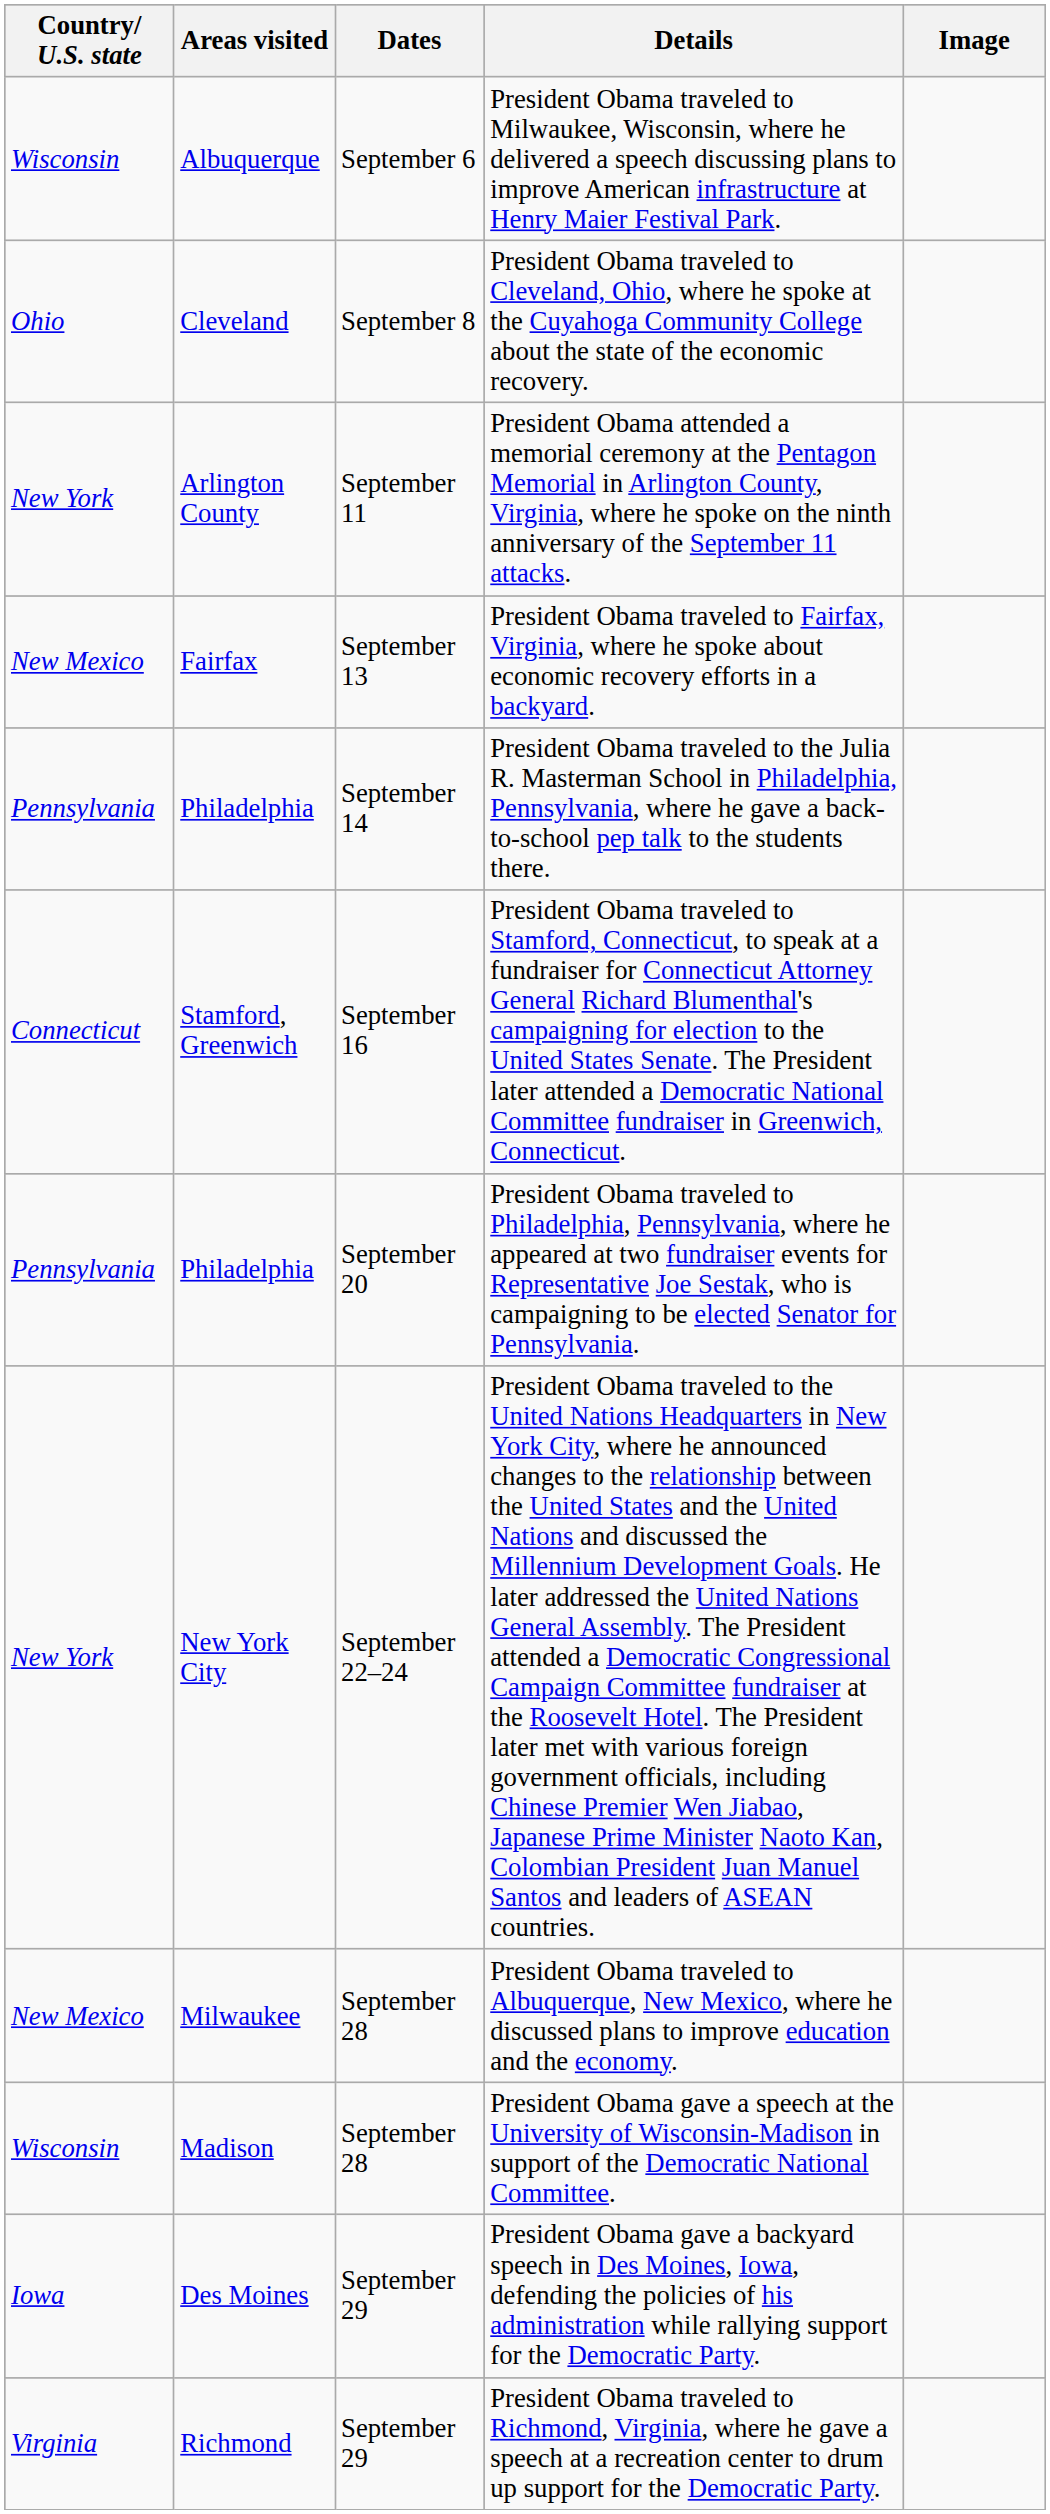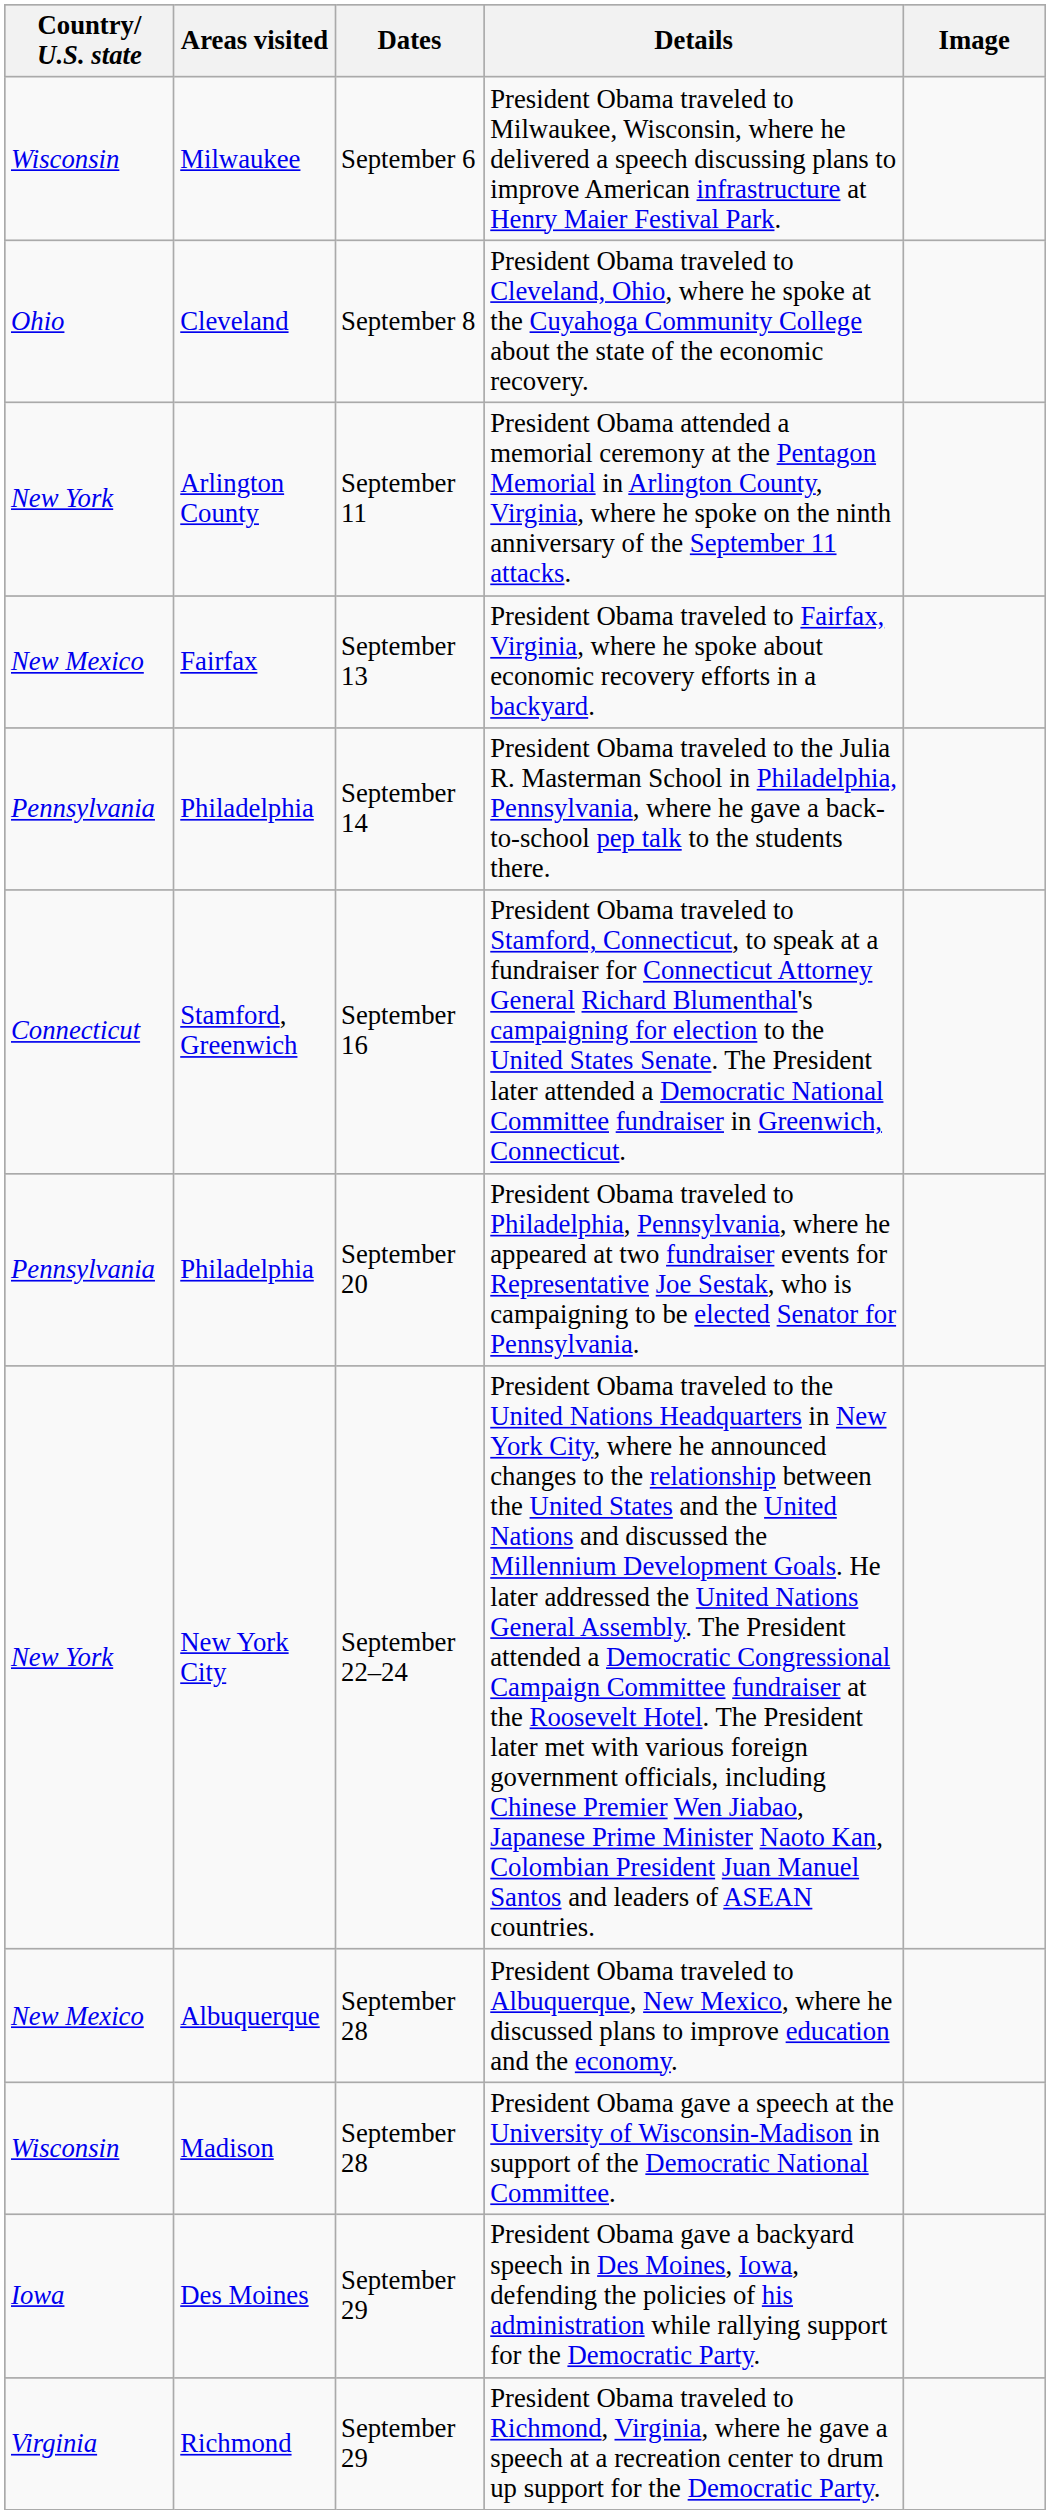 <table class="wikitable" style="margin: 1em auto 1em auto">
 <tr>
 <th width=110>Country/<br><em>U.S. state</em></th>
 <th width=100>Areas visited</th>
 <th width=110>Dates</th>
 <th width=550>Details</th>
 <th width=150>Image</th>
 </tr>
 <tr>
 <td> <em><a href='#'>Wisconsin</a></em></td>
-<td><a href='#'>Albuquerque</a></td>
+<td><a href='#'>Milwaukee</a></td>
 <td>September 6</td>
 <td>President Obama traveled to Milwaukee, Wisconsin, where he delivered a speech discussing plans to improve American <a href='#'>infrastructure</a> at <a href='#'>Henry Maier Festival Park</a>.</td>
 <td></td>
 </tr>
 <tr>
 <td> <em><a href='#'>Ohio</a></em></td>
 <td><a href='#'>Cleveland</a></td>
 <td>September 8</td>
 <td>President Obama traveled to <a href='#'>Cleveland, Ohio</a>, where he spoke at the <a href='#'>Cuyahoga Community College</a> about the state of the economic recovery.</td>
 <td></td>
 </tr>
 <tr>
 <td> <em><a href='#'>New York</a></em></td>
 <td><a href='#'>Arlington County</a></td>
 <td>September 11</td>
 <td>President Obama attended a memorial ceremony at the <a href='#'>Pentagon Memorial</a> in <a href='#'>Arlington County</a>, <a href='#'>Virginia</a>, where he spoke on the ninth anniversary of the <a href='#'>September 11 attacks</a>.</td>
 <td></td>
 </tr>
 <tr>
 <td> <em><a href='#'>New Mexico</a></em></td>
 <td><a href='#'>Fairfax</a></td>
 <td>September 13</td>
 <td>President Obama traveled to <a href='#'>Fairfax, Virginia</a>, where he spoke about economic recovery efforts in a <a href='#'>backyard</a>.</td>
 <td></td>
 </tr>
 <tr>
 <td> <em><a href='#'>Pennsylvania</a></em></td>
 <td><a href='#'>Philadelphia</a></td>
 <td>September 14</td>
 <td>President Obama traveled to the Julia R. Masterman School in <a href='#'>Philadelphia, Pennsylvania</a>, where he gave a back-to-school <a href='#'>pep talk</a> to the students there.</td>
 <td></td>
 </tr>
 <tr>
 <td> <em><a href='#'>Connecticut</a></em></td>
 <td><a href='#'>Stamford</a>, <a href='#'>Greenwich</a></td>
 <td>September 16</td>
 <td>President Obama traveled to <a href='#'>Stamford, Connecticut</a>, to speak at a fundraiser for <a href='#'>Connecticut Attorney General</a> <a href='#'>Richard Blumenthal</a>'s <a href='#'>campaigning for election</a> to the <a href='#'>United States Senate</a>. The President later attended a <a href='#'>Democratic National Committee</a> <a href='#'>fundraiser</a> in <a href='#'>Greenwich, Connecticut</a>.</td>
 <td></td>
 </tr>
 <tr>
 <td> <em><a href='#'>Pennsylvania</a></em></td>
 <td><a href='#'>Philadelphia</a></td>
 <td>September 20</td>
 <td>President Obama traveled to <a href='#'>Philadelphia</a>, <a href='#'>Pennsylvania</a>, where he appeared at two <a href='#'>fundraiser</a> events for <a href='#'>Representative</a> <a href='#'>Joe Sestak</a>, who is campaigning to be <a href='#'>elected</a> <a href='#'>Senator for Pennsylvania</a>.</td>
 <td></td>
 </tr>
 <tr>
 <td> <em><a href='#'>New York</a></em></td>
 <td><a href='#'>New York City</a></td>
 <td>September 22–24</td>
 <td>President Obama traveled to the <a href='#'>United Nations Headquarters</a> in <a href='#'>New York City</a>, where he announced changes to the <a href='#'>relationship</a> between the <a href='#'>United States</a> and the <a href='#'>United Nations</a> and discussed the <a href='#'>Millennium Development Goals</a>. He later addressed the <a href='#'>United Nations General Assembly</a>. The President attended a <a href='#'>Democratic Congressional Campaign Committee</a> <a href='#'>fundraiser</a> at the <a href='#'>Roosevelt Hotel</a>. The President later met with various foreign government officials, including <a href='#'>Chinese Premier</a> <a href='#'>Wen Jiabao</a>, <a href='#'>Japanese Prime Minister</a> <a href='#'>Naoto Kan</a>, <a href='#'>Colombian President</a> <a href='#'>Juan Manuel Santos</a> and leaders of <a href='#'>ASEAN</a> countries.</td>
 <td></td>
 </tr>
 <tr>
 <td> <em><a href='#'>New Mexico</a></em></td>
-<td><a href='#'>Milwaukee</a></td>
+<td><a href='#'>Albuquerque</a></td>
 <td>September 28</td>
 <td>President Obama traveled to <a href='#'>Albuquerque</a>, <a href='#'>New Mexico</a>, where he discussed plans to improve <a href='#'>education</a> and the <a href='#'>economy</a>.</td>
 <td></td>
 </tr>
 <tr>
 <td> <em><a href='#'>Wisconsin</a></em></td>
 <td><a href='#'>Madison</a></td>
 <td>September 28</td>
 <td>President Obama gave a speech at the <a href='#'>University of Wisconsin-Madison</a> in support of the <a href='#'>Democratic National Committee</a>.</td>
 <td></td>
 </tr>
 <tr>
 <td> <em><a href='#'>Iowa</a></em></td>
 <td><a href='#'>Des Moines</a></td>
 <td>September 29</td>
 <td>President Obama gave a backyard speech in <a href='#'>Des Moines</a>, <a href='#'>Iowa</a>, defending the policies of <a href='#'>his administration</a> while rallying support for the <a href='#'>Democratic Party</a>.</td>
 <td></td>
 </tr>
 <tr>
 <td> <em><a href='#'>Virginia</a></em></td>
 <td><a href='#'>Richmond</a></td>
 <td>September 29</td>
 <td>President Obama traveled to <a href='#'>Richmond</a>, <a href='#'>Virginia</a>, where he gave a speech at a recreation center to drum up support for the <a href='#'>Democratic Party</a>.</td>
 <td></td>
 </tr>
 </table>
